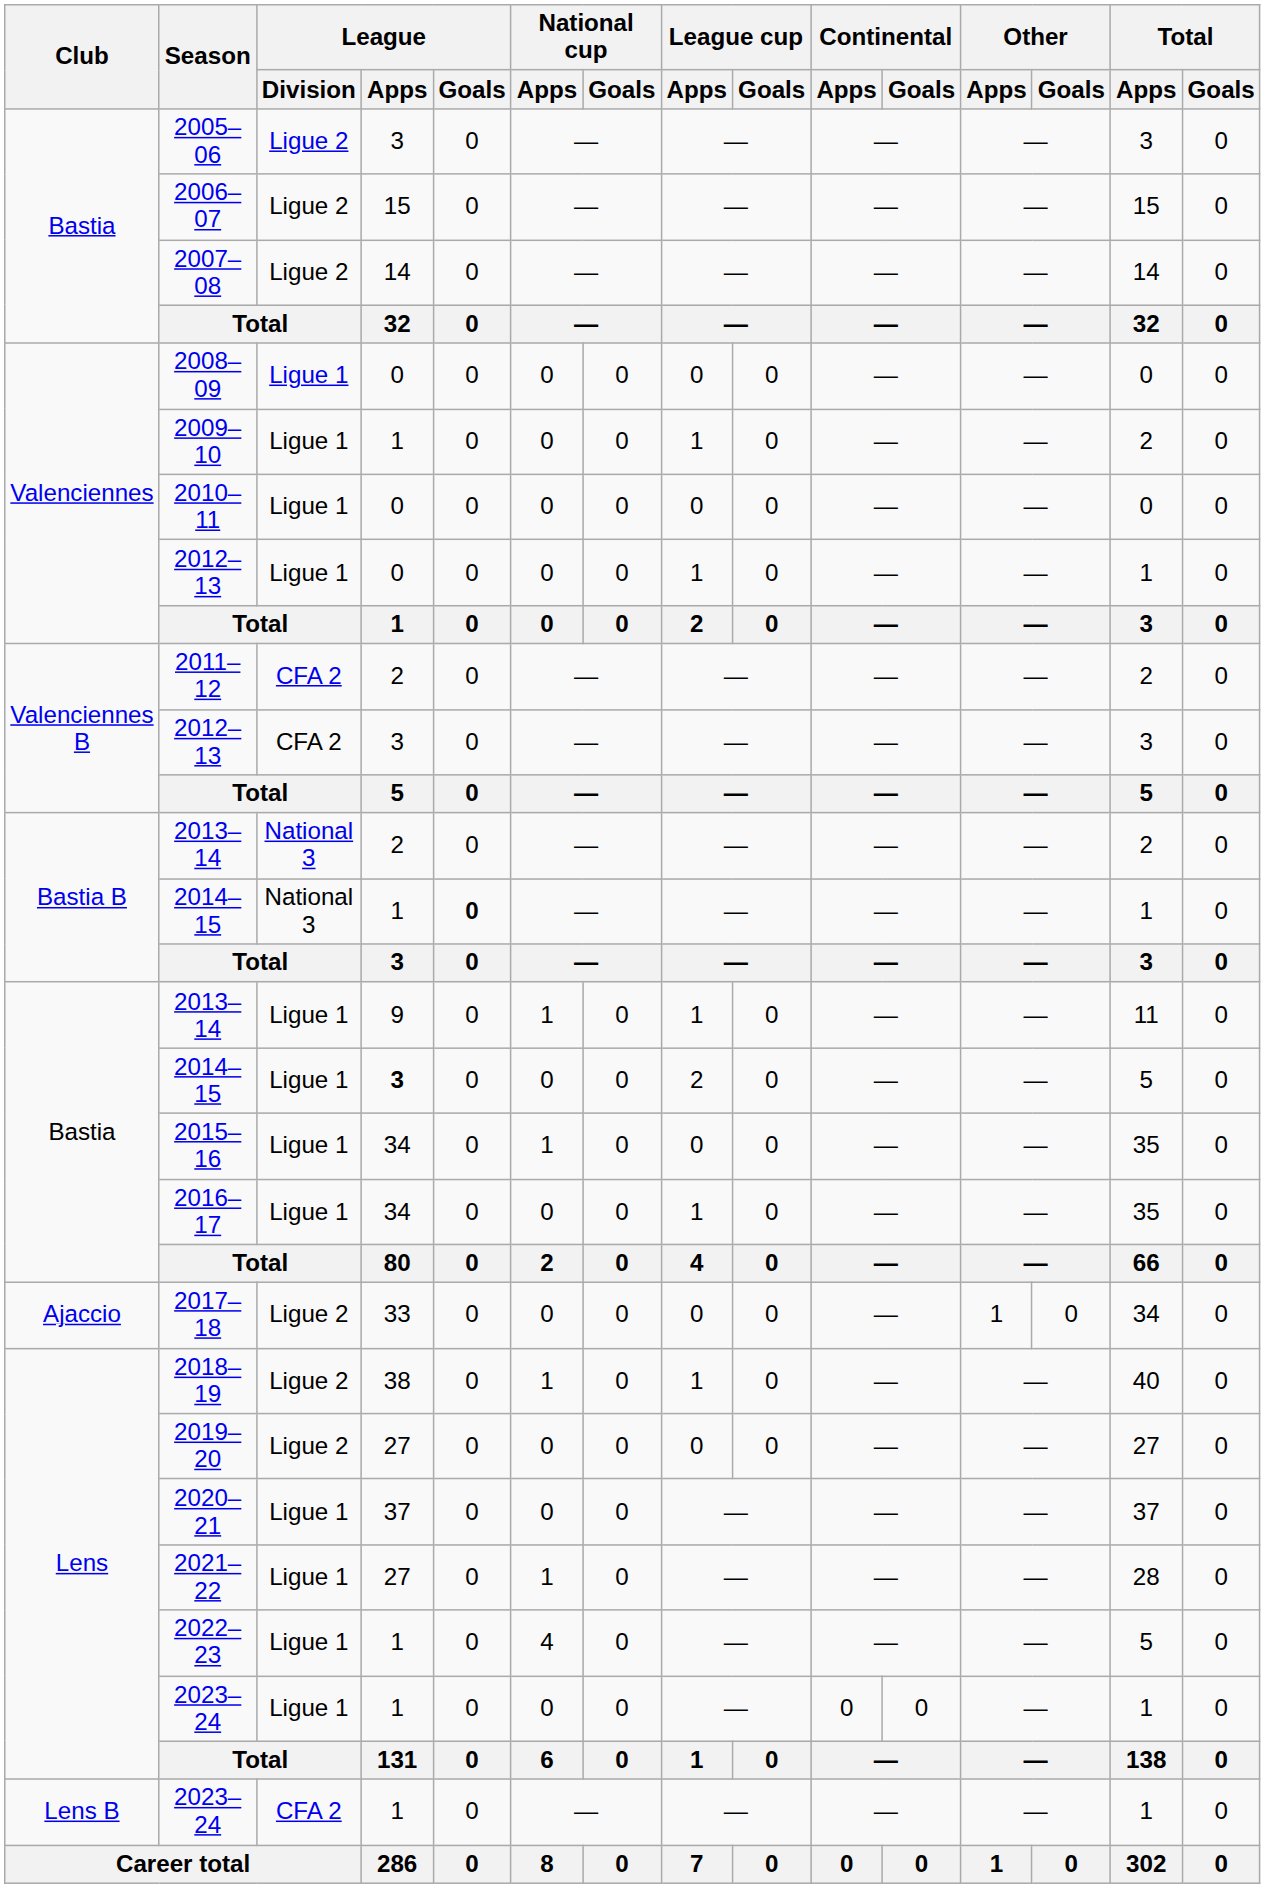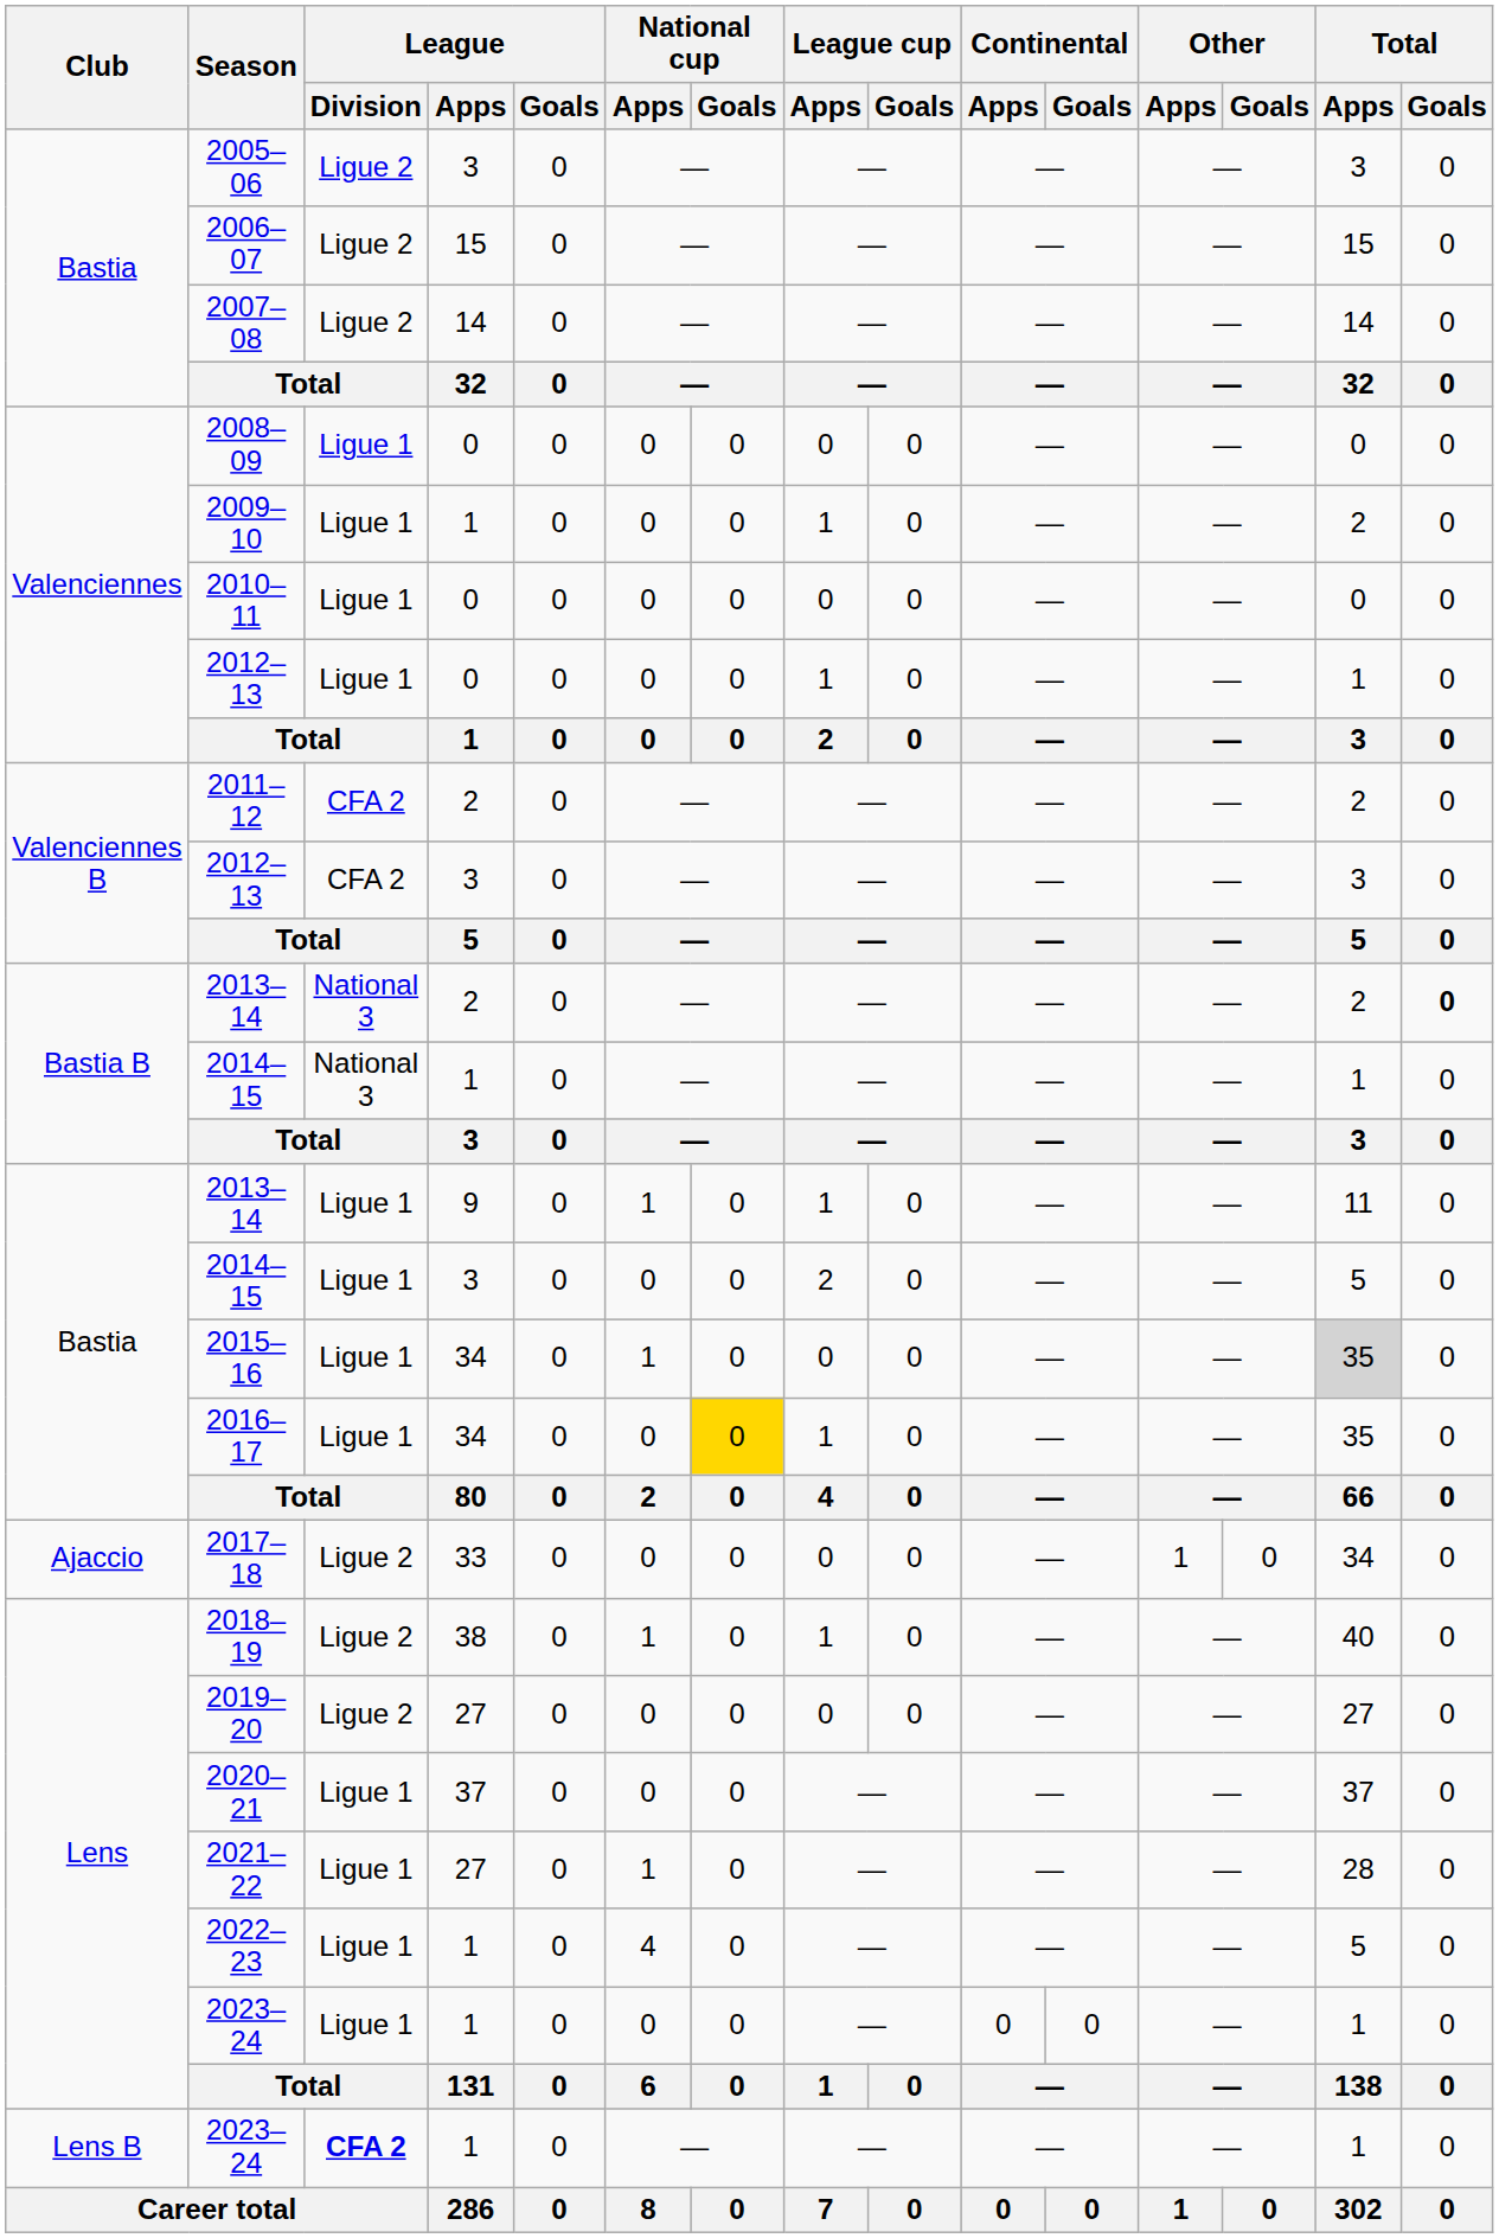 <table class="wikitable" style="text-align:center">
 <tr>
 <th rowspan="2">Club</th>
 <th rowspan="2">Season</th>
 <th colspan="3">League</th>
 <th colspan="2">National cup</th>
 <th colspan="2">League cup</th>
 <th colspan="2">Continental</th>
 <th colspan="2">Other</th>
 <th colspan="2">Total</th>
 </tr>
 <tr>
 <th>Division</th>
 <th>Apps</th>
 <th>Goals</th>
 <th>Apps</th>
 <th>Goals</th>
 <th>Apps</th>
 <th>Goals</th>
 <th>Apps</th>
 <th>Goals</th>
 <th>Apps</th>
 <th>Goals</th>
 <th>Apps</th>
 <th>Goals</th>
 </tr>
 <tr>
 <td rowspan="4"><a href='#'>Bastia</a></td>
 <td><a href='#'>2005–06</a></td>
 <td><a href='#'>Ligue 2</a></td>
 <td>3</td>
 <td>0</td>
 <td colspan="2">—</td>
 <td colspan="2">—</td>
 <td colspan="2">—</td>
 <td colspan="2">—</td>
 <td>3</td>
 <td>0</td>
 </tr>
 <tr>
 <td><a href='#'>2006–07</a></td>
 <td>Ligue 2</td>
 <td>15</td>
 <td>0</td>
 <td colspan="2">—</td>
 <td colspan="2">—</td>
 <td colspan="2">—</td>
 <td colspan="2">—</td>
 <td>15</td>
 <td>0</td>
 </tr>
 <tr>
 <td><a href='#'>2007–08</a></td>
 <td>Ligue 2</td>
 <td>14</td>
 <td>0</td>
 <td colspan="2">—</td>
 <td colspan="2">—</td>
 <td colspan="2">—</td>
 <td colspan="2">—</td>
 <td>14</td>
 <td>0</td>
 </tr>
 <tr>
 <th colspan="2">Total</th>
 <th>32</th>
 <th>0</th>
 <th colspan="2">—</th>
 <th colspan="2">—</th>
 <th colspan="2">—</th>
 <th colspan="2">—</th>
 <th>32</th>
 <th>0</th>
 </tr>
 <tr>
 <td rowspan="5"><a href='#'>Valenciennes</a></td>
 <td><a href='#'>2008–09</a></td>
 <td><a href='#'>Ligue 1</a></td>
 <td>0</td>
 <td>0</td>
 <td>0</td>
 <td>0</td>
 <td>0</td>
 <td>0</td>
 <td colspan="2">—</td>
 <td colspan="2">—</td>
 <td>0</td>
 <td>0</td>
 </tr>
 <tr>
 <td><a href='#'>2009–10</a></td>
 <td>Ligue 1</td>
 <td>1</td>
 <td>0</td>
 <td>0</td>
 <td>0</td>
 <td>1</td>
 <td>0</td>
 <td colspan="2">—</td>
 <td colspan="2">—</td>
 <td>2</td>
 <td>0</td>
 </tr>
 <tr>
 <td><a href='#'>2010–11</a></td>
 <td>Ligue 1</td>
 <td>0</td>
 <td>0</td>
 <td>0</td>
 <td>0</td>
 <td>0</td>
 <td>0</td>
 <td colspan="2">—</td>
 <td colspan="2">—</td>
 <td>0</td>
 <td>0</td>
 </tr>
 <tr>
 <td><a href='#'>2012–13</a></td>
 <td>Ligue 1</td>
 <td>0</td>
 <td>0</td>
 <td>0</td>
 <td>0</td>
 <td>1</td>
 <td>0</td>
 <td colspan="2">—</td>
 <td colspan="2">—</td>
 <td>1</td>
 <td>0</td>
 </tr>
 <tr>
 <th colspan="2">Total</th>
 <th>1</th>
 <th>0</th>
 <th>0</th>
 <th>0</th>
 <th>2</th>
 <th>0</th>
 <th colspan="2">—</th>
 <th colspan="2">—</th>
 <th>3</th>
 <th>0</th>
 </tr>
 <tr>
 <td rowspan="3"><a href='#'>Valenciennes B</a></td>
 <td><a href='#'>2011–12</a></td>
 <td><a href='#'>CFA 2</a></td>
 <td>2</td>
 <td>0</td>
 <td colspan="2">—</td>
 <td colspan="2">—</td>
 <td colspan="2">—</td>
 <td colspan="2">—</td>
 <td>2</td>
 <td>0</td>
 </tr>
 <tr>
 <td><a href='#'>2012–13</a></td>
 <td>CFA 2</td>
 <td>3</td>
 <td>0</td>
 <td colspan="2">—</td>
 <td colspan="2">—</td>
 <td colspan="2">—</td>
 <td colspan="2">—</td>
 <td>3</td>
 <td>0</td>
 </tr>
 <tr>
 <th colspan="2">Total</th>
 <th>5</th>
 <th>0</th>
 <th colspan="2">—</th>
 <th colspan="2">—</th>
 <th colspan="2">—</th>
 <th colspan="2">—</th>
 <th>5</th>
 <th>0</th>
 </tr>
 <tr>
 <td rowspan="3"><a href='#'>Bastia B</a></td>
 <td><a href='#'>2013–14</a></td>
 <td><a href='#'>National 3</a></td>
 <td>2</td>
 <td>0</td>
 <td colspan="2">—</td>
 <td colspan="2">—</td>
 <td colspan="2">—</td>
 <td colspan="2">—</td>
 <td>2</td>
-<td>0</td>
+<td><strong>0</strong></td>
 </tr>
 <tr>
 <td><a href='#'>2014–15</a></td>
 <td>National 3</td>
 <td>1</td>
-<td><strong>0</strong></td>
+<td>0</td>
 <td colspan="2">—</td>
 <td colspan="2">—</td>
 <td colspan="2">—</td>
 <td colspan="2">—</td>
 <td>1</td>
 <td>0</td>
 </tr>
 <tr>
 <th colspan="2">Total</th>
 <th>3</th>
 <th>0</th>
 <th colspan="2">—</th>
 <th colspan="2">—</th>
 <th colspan="2">—</th>
 <th colspan="2">—</th>
 <th>3</th>
 <th>0</th>
 </tr>
 <tr>
 <td rowspan="5">Bastia</td>
 <td><a href='#'>2013–14</a></td>
 <td>Ligue 1</td>
 <td>9</td>
 <td>0</td>
 <td>1</td>
 <td>0</td>
 <td>1</td>
 <td>0</td>
 <td colspan="2">—</td>
 <td colspan="2">—</td>
 <td>11</td>
 <td>0</td>
 </tr>
 <tr>
 <td><a href='#'>2014–15</a></td>
 <td>Ligue 1</td>
-<td><strong>3</strong></td>
+<td>3</td>
 <td>0</td>
 <td>0</td>
 <td>0</td>
 <td>2</td>
 <td>0</td>
 <td colspan="2">—</td>
 <td colspan="2">—</td>
 <td>5</td>
 <td>0</td>
 </tr>
 <tr>
 <td><a href='#'>2015–16</a></td>
 <td>Ligue 1</td>
 <td>34</td>
 <td>0</td>
 <td>1</td>
 <td>0</td>
 <td>0</td>
 <td>0</td>
 <td colspan="2">—</td>
 <td colspan="2">—</td>
-<td>35</td>
+<td style="background: lightgrey;">35</td>
 <td>0</td>
 </tr>
 <tr>
 <td><a href='#'>2016–17</a></td>
 <td>Ligue 1</td>
 <td>34</td>
 <td>0</td>
 <td>0</td>
-<td>0</td>
+<td style="background: gold;">0</td>
 <td>1</td>
 <td>0</td>
 <td colspan="2">—</td>
 <td colspan="2">—</td>
 <td>35</td>
 <td>0</td>
 </tr>
 <tr>
 <th colspan="2">Total</th>
 <th>80</th>
 <th>0</th>
 <th>2</th>
 <th>0</th>
 <th>4</th>
 <th>0</th>
 <th colspan="2">—</th>
 <th colspan="2">—</th>
 <th>66</th>
 <th>0</th>
 </tr>
 <tr>
 <td><a href='#'>Ajaccio</a></td>
 <td><a href='#'>2017–18</a></td>
 <td>Ligue 2</td>
 <td>33</td>
 <td>0</td>
 <td>0</td>
 <td>0</td>
 <td>0</td>
 <td>0</td>
 <td colspan="2">—</td>
 <td>1</td>
 <td>0</td>
 <td>34</td>
 <td>0</td>
 </tr>
 <tr>
 <td rowspan="7"><a href='#'>Lens</a></td>
 <td><a href='#'>2018–19</a></td>
 <td>Ligue 2</td>
 <td>38</td>
 <td>0</td>
 <td>1</td>
 <td>0</td>
 <td>1</td>
 <td>0</td>
 <td colspan="2">—</td>
 <td colspan="2">—</td>
 <td>40</td>
 <td>0</td>
 </tr>
 <tr>
 <td><a href='#'>2019–20</a></td>
 <td>Ligue 2</td>
 <td>27</td>
 <td>0</td>
 <td>0</td>
 <td>0</td>
 <td>0</td>
 <td>0</td>
 <td colspan="2">—</td>
 <td colspan="2">—</td>
 <td>27</td>
 <td>0</td>
 </tr>
 <tr>
 <td><a href='#'>2020–21</a></td>
 <td>Ligue 1</td>
 <td>37</td>
 <td>0</td>
 <td>0</td>
 <td>0</td>
 <td colspan="2">—</td>
 <td colspan="2">—</td>
 <td colspan="2">—</td>
 <td>37</td>
 <td>0</td>
 </tr>
 <tr>
 <td><a href='#'>2021–22</a></td>
 <td>Ligue 1</td>
 <td>27</td>
 <td>0</td>
 <td>1</td>
 <td>0</td>
 <td colspan="2">—</td>
 <td colspan="2">—</td>
 <td colspan="2">—</td>
 <td>28</td>
 <td>0</td>
 </tr>
 <tr>
 <td><a href='#'>2022–23</a></td>
 <td>Ligue 1</td>
 <td>1</td>
 <td>0</td>
 <td>4</td>
 <td>0</td>
 <td colspan="2">—</td>
 <td colspan="2">—</td>
 <td colspan="2">—</td>
 <td>5</td>
 <td>0</td>
 </tr>
 <tr>
 <td><a href='#'>2023–24</a></td>
 <td>Ligue 1</td>
 <td>1</td>
 <td>0</td>
 <td>0</td>
 <td>0</td>
 <td colspan="2">—</td>
 <td>0</td>
 <td>0</td>
 <td colspan="2">—</td>
 <td>1</td>
 <td>0</td>
 </tr>
 <tr>
 <th colspan="2">Total</th>
 <th>131</th>
 <th>0</th>
 <th>6</th>
 <th>0</th>
 <th>1</th>
 <th>0</th>
 <th colspan="2">—</th>
 <th colspan="2">—</th>
 <th>138</th>
 <th>0</th>
 </tr>
 <tr>
 <td><a href='#'>Lens B</a></td>
 <td><a href='#'>2023–24</a></td>
-<td><a href='#'>CFA 2</a></td>
+<td><strong><a href='#'>CFA 2</a></strong></td>
 <td>1</td>
 <td>0</td>
 <td colspan="2">—</td>
 <td colspan="2">—</td>
 <td colspan="2">—</td>
 <td colspan="2">—</td>
 <td>1</td>
 <td>0</td>
 </tr>
 <tr>
 <th colspan="3">Career total</th>
 <th>286</th>
 <th>0</th>
 <th>8</th>
 <th>0</th>
 <th>7</th>
 <th>0</th>
 <th>0</th>
 <th>0</th>
 <th>1</th>
 <th>0</th>
 <th>302</th>
 <th>0</th>
 </tr>
 </table>
